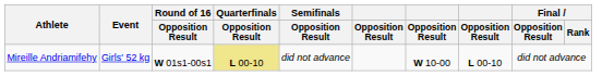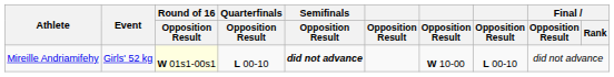 <table class="wikitable" style="text-align:center;font-size:90%">
 <tr>
 <th rowspan=2>Athlete</th>
 <th rowspan=2>Event</th>
 <th>Round of 16</th>
 <th>Quarterfinals</th>
 <th>Semifinals</th>
 <th></th>
 <th></th>
 <th></th>
 <th colspan=2>Final / </th>
 </tr>
 <tr style="font-size:95%">
 <th>Opposition<br>Result</th>
 <th>Opposition<br>Result</th>
 <th>Opposition<br>Result</th>
 <th>Opposition<br>Result</th>
 <th>Opposition<br>Result</th>
 <th>Opposition<br>Result</th>
 <th>Opposition<br>Result</th>
 <th>Rank</th>
 </tr>
 <tr>
 <td align=left><a href='#'>Mireille Andriamifehy</a></td>
 <td align=left><a href='#'>Girls' 52 kg</a></td>
-<td><br> <strong>W</strong> 01s1-00s1</td>
-<td style="background: khaki;"><br> <strong>L</strong> 00-10</td>
-<td><em>did not advance</em></td>
+<td style="background: lightyellow;"><br> <strong>W</strong> 01s1-00s1</td>
+<td><br> <strong>L</strong> 00-10</td>
+<td><strong><em>did not advance</em></strong></td>
 <td></td>
 <td><br> <strong>W</strong> 10-00</td>
 <td><br> <strong>L</strong> 00-10</td>
 <td Colspan=2><em>did not advance</em></td>
 </tr>
 </table>
